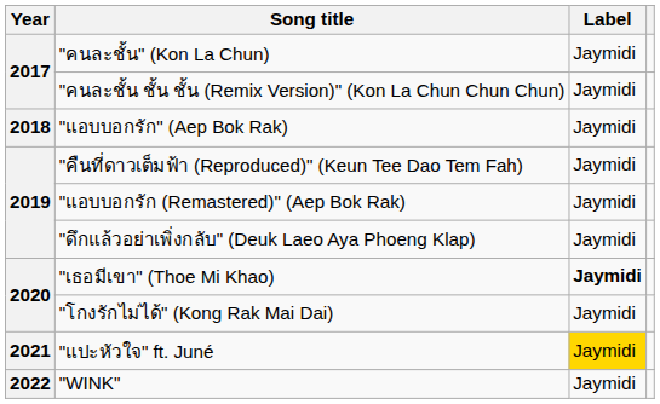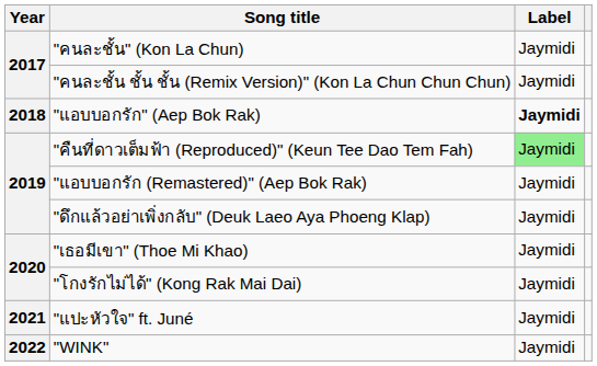 <table class="wikitable sortable plainrowheaders">
 <tr>
 <th scope="col">Year</th>
 <th scope="col">Song title</th>
 <th scope="col" class="unsortable">Label</th>
 <th scope="col" class="unsortable"></th>
 </tr>
 <tr>
 <th scope="row" rowspan="2">2017</th>
 <td>"คนละชั้น" (Kon La Chun)</td>
 <td>Jaymidi</td>
 <td style="text-align: center;"></td>
 </tr>
 <tr>
 <td>"คนละชั้น ชั้น ชั้น (Remix Version)" (Kon La Chun Chun Chun)</td>
 <td>Jaymidi</td>
 <td style="text-align: center;"></td>
 </tr>
 <tr>
 <th scope="row">2018</th>
 <td>"แอบบอกรัก" (Aep Bok Rak)</td>
-<td>Jaymidi</td>
+<td><strong>Jaymidi</strong></td>
 <td style="text-align: center;"></td>
 </tr>
 <tr>
 <th scope="row" rowspan="3">2019</th>
 <td>"คืนที่ดาวเต็มฟ้า (Reproduced)" (Keun Tee Dao Tem Fah)</td>
-<td>Jaymidi</td>
+<td style="background: lightgreen;">Jaymidi</td>
 <td style="text-align: center;"></td>
 </tr>
 <tr>
 <td>"แอบบอกรัก (Remastered)" (Aep Bok Rak)</td>
 <td>Jaymidi</td>
 <td style="text-align: center;"></td>
 </tr>
 <tr>
 <td>"ดึกแล้วอย่าเพิ่งกลับ" (Deuk Laeo Aya Phoeng Klap)</td>
 <td>Jaymidi</td>
 <td style="text-align: center;"></td>
 </tr>
 <tr>
 <th scope="row" rowspan="2">2020</th>
 <td>"เธอมีเขา" (Thoe Mi Khao)</td>
-<td><strong>Jaymidi</strong></td>
+<td>Jaymidi</td>
 <td style="text-align: center;"></td>
 </tr>
 <tr>
 <td>"โกงรักไม่ได้" (Kong Rak Mai Dai)</td>
 <td>Jaymidi</td>
 <td style="text-align: center;"></td>
 </tr>
 <tr>
 <th>2021</th>
 <td>"แปะหัวใจ" ft. Juné</td>
-<td style="background: gold;">Jaymidi</td>
+<td>Jaymidi</td>
 <td></td>
 </tr>
 <tr>
 <th>2022</th>
 <td>"WINK"</td>
 <td>Jaymidi</td>
 <td></td>
 </tr>
 </table>
